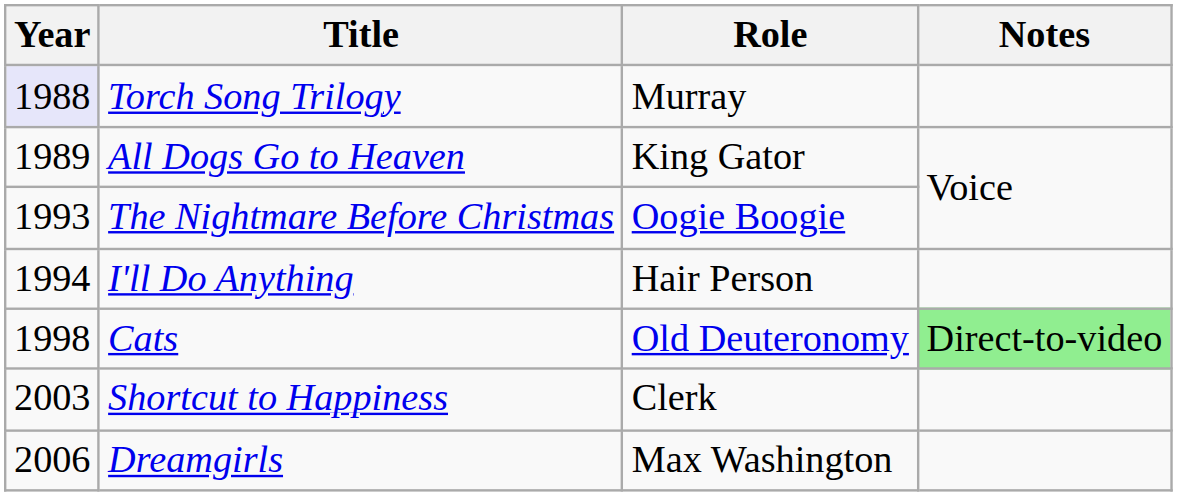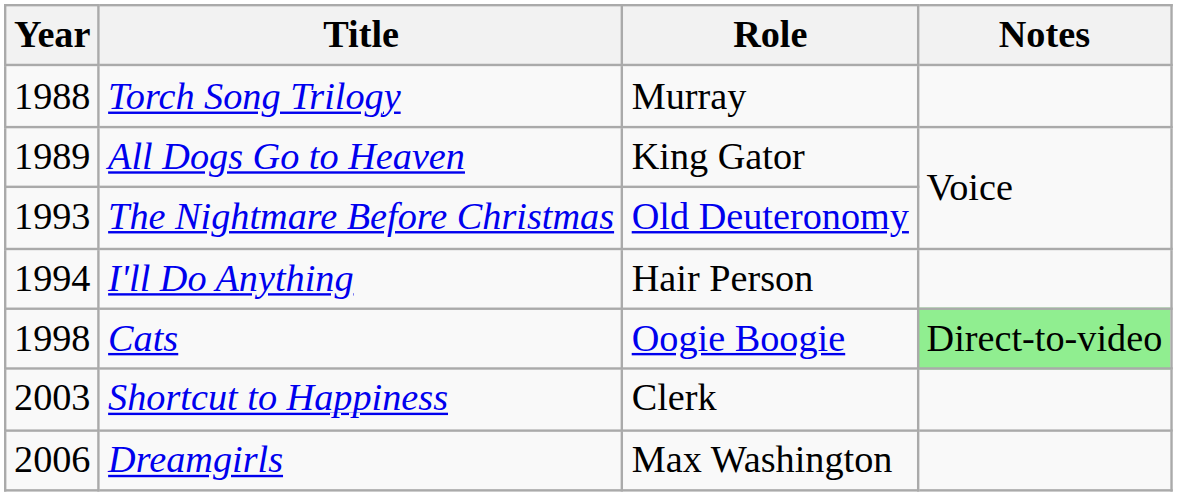 <table class="wikitable">
 <tr>
 <th>Year</th>
 <th>Title</th>
 <th>Role</th>
 <th>Notes</th>
 </tr>
 <tr>
-<td style="background: lavender;">1988</td>
+<td>1988</td>
 <td><em><a href='#'>Torch Song Trilogy</a></em></td>
 <td>Murray</td>
 <td></td>
 </tr>
 <tr>
 <td>1989</td>
 <td><em><a href='#'>All Dogs Go to Heaven</a></em></td>
 <td>King Gator</td>
 <td rowspan="2">Voice</td>
 </tr>
 <tr>
 <td>1993</td>
 <td><em><a href='#'>The Nightmare Before Christmas</a></em></td>
-<td><a href='#'>Oogie Boogie</a></td>
+<td><a href='#'>Old Deuteronomy</a></td>
 </tr>
 <tr>
 <td>1994</td>
 <td><em><a href='#'>I'll Do Anything</a></em></td>
 <td>Hair Person</td>
 <td></td>
 </tr>
 <tr>
 <td>1998</td>
 <td><em><a href='#'>Cats</a></em></td>
-<td><a href='#'>Old Deuteronomy</a></td>
+<td><a href='#'>Oogie Boogie</a></td>
 <td style="background: lightgreen;">Direct-to-video</td>
 </tr>
 <tr>
 <td>2003</td>
 <td><em><a href='#'>Shortcut to Happiness</a></em></td>
 <td>Clerk</td>
 <td></td>
 </tr>
 <tr>
 <td>2006</td>
 <td><em><a href='#'>Dreamgirls</a></em></td>
 <td>Max Washington</td>
 <td></td>
 </tr>
 </table>
